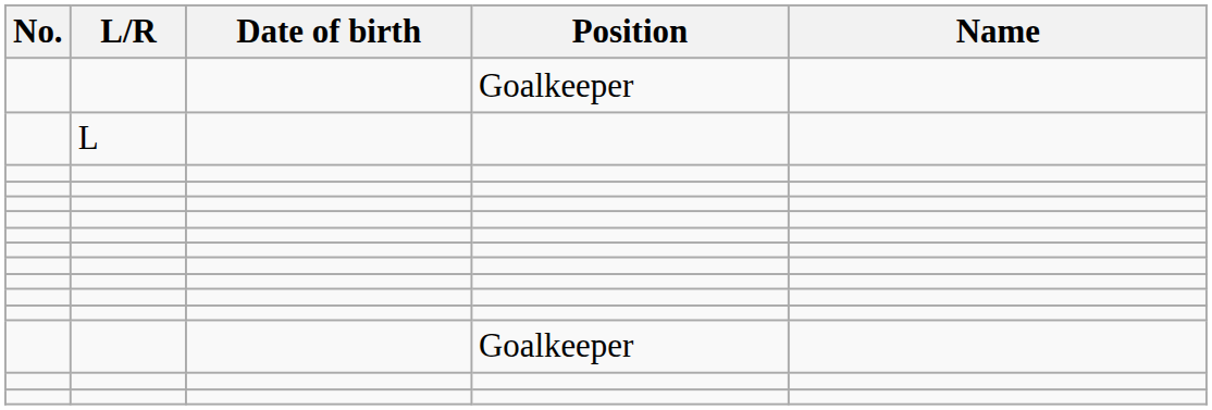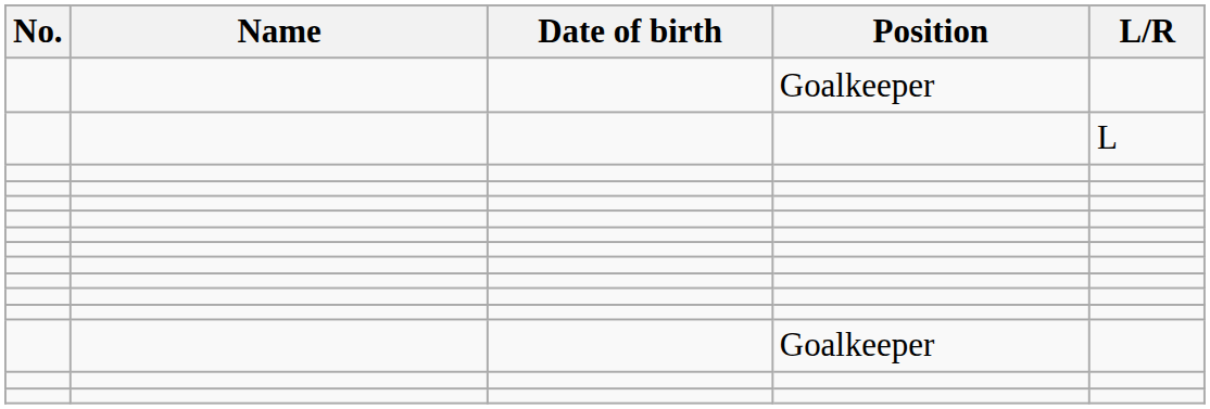 <table class="wikitable sortable" style=font-size:100%; text-align:center;>
 <tr>
 <th>No.</th>
-<th style=width:3em>L/R</th>
+<th style=width:12em>Name</th>
 <th style=width:8em>Date of birth</th>
 <th style=width:9em>Position</th>
-<th style=width:12em>Name</th>
+<th style=width:3em>L/R</th>
 </tr>
 <tr>
 <td></td>
-<td></td>
+<td align=left></td>
 <td align=right></td>
 <td>Goalkeeper</td>
-<td align=left></td>
+<td></td>
 </tr>
 <tr>
 <td></td>
-<td>L</td>
+<td align=left></td>
 <td align=right></td>
 <td></td>
-<td align=left></td>
+<td>L</td>
 </tr>
 <tr>
 <td></td>
-<td></td>
+<td align=left></td>
 <td align=right></td>
 <td></td>
-<td align=left></td>
+<td></td>
 </tr>
 <tr>
 <td></td>
-<td></td>
+<td align=left></td>
 <td align=right></td>
 <td></td>
-<td align=left></td>
+<td></td>
 </tr>
 <tr>
 <td></td>
-<td></td>
+<td align=left></td>
 <td align=right></td>
 <td></td>
-<td align=left></td>
+<td></td>
 </tr>
 <tr>
 <td></td>
-<td></td>
+<td align=left></td>
 <td align=right></td>
 <td></td>
-<td align=left></td>
+<td></td>
 </tr>
 <tr>
 <td></td>
-<td></td>
+<td align=left></td>
 <td align=right></td>
 <td></td>
-<td align=left></td>
+<td></td>
 </tr>
 <tr>
 <td></td>
-<td></td>
+<td align=left></td>
 <td align=right></td>
 <td></td>
-<td align=left></td>
+<td></td>
 </tr>
 <tr>
 <td></td>
-<td></td>
+<td align=left></td>
 <td align=right></td>
 <td></td>
-<td align=left></td>
+<td></td>
 </tr>
 <tr>
 <td></td>
-<td></td>
+<td align=left></td>
 <td align=right></td>
 <td></td>
-<td align=left></td>
+<td></td>
 </tr>
 <tr>
 <td></td>
-<td></td>
+<td align=left></td>
 <td align=right></td>
 <td></td>
-<td align=left></td>
+<td></td>
 </tr>
 <tr>
 <td></td>
-<td></td>
+<td align=left></td>
 <td align=right></td>
 <td></td>
-<td align=left></td>
+<td></td>
 </tr>
 <tr>
 <td></td>
-<td></td>
+<td align=left></td>
 <td align=right></td>
 <td>Goalkeeper</td>
-<td align=left></td>
+<td></td>
 </tr>
 <tr>
 <td></td>
-<td></td>
+<td align=left></td>
 <td align=right></td>
 <td></td>
-<td align=left></td>
+<td></td>
 </tr>
 <tr>
 <td></td>
-<td></td>
+<td align=left></td>
 <td align=right></td>
 <td></td>
-<td align=left></td>
+<td></td>
 </tr>
 </table>
